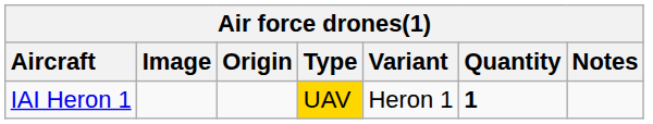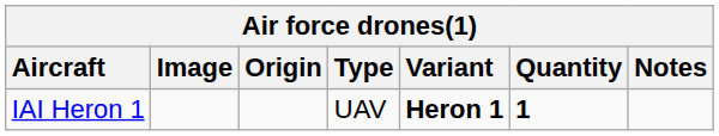 <table class="wikitable">
 <tr>
 <th colspan="7">Air force drones(1)</th>
 </tr>
 <tr>
 <th style="text-align:left;">Aircraft</th>
 <th>Image</th>
 <th style="text-align:left;">Origin</th>
 <th style="text-align:left;">Type</th>
 <th style="text-align:left;">Variant</th>
 <th style="text-align:left;">Quantity</th>
 <th style="text-align:left;">Notes</th>
 </tr>
 <tr>
 <td><a href='#'>IAI Heron 1</a></td>
 <td></td>
 <td></td>
-<td style="background: gold;">UAV</td>
-<td>Heron 1</td>
+<td>UAV</td>
+<td><strong>Heron 1</strong></td>
 <td><strong>1</strong></td>
 <td></td>
 </tr>
 </table>
